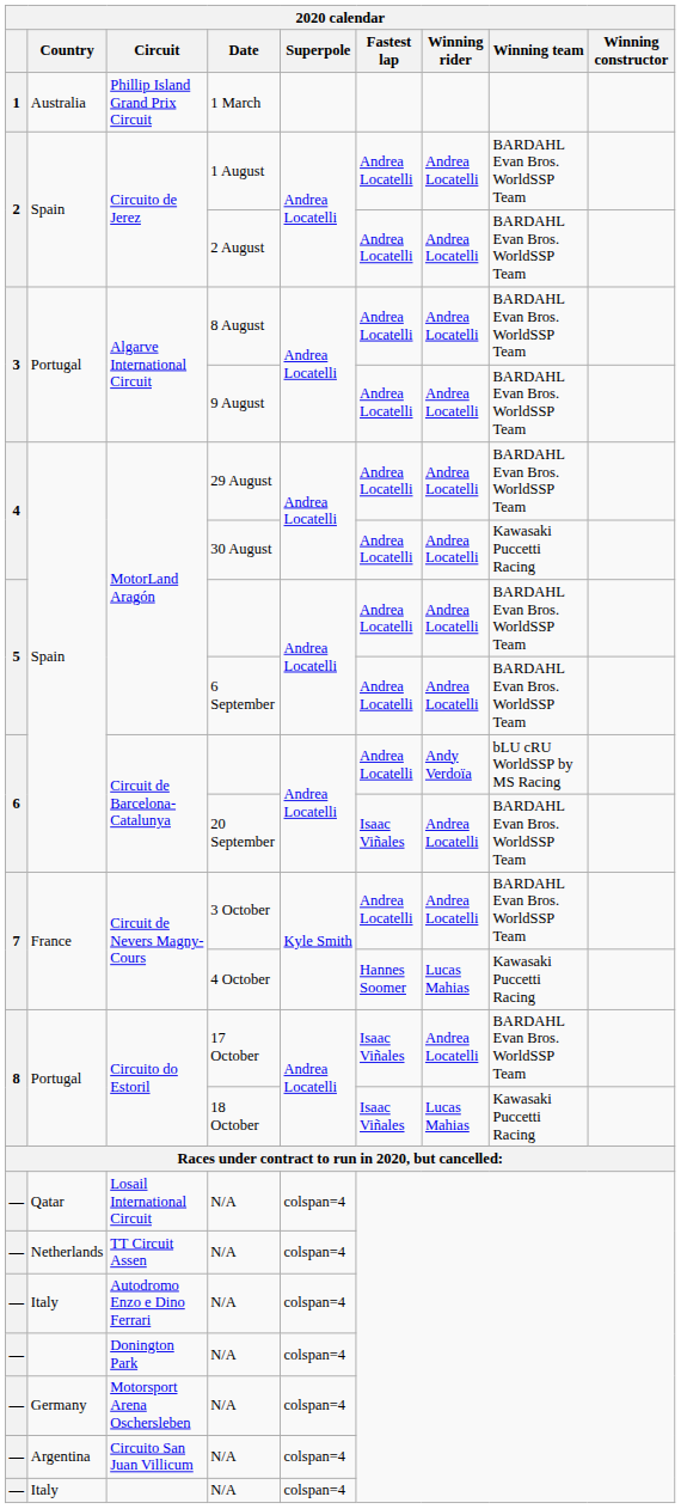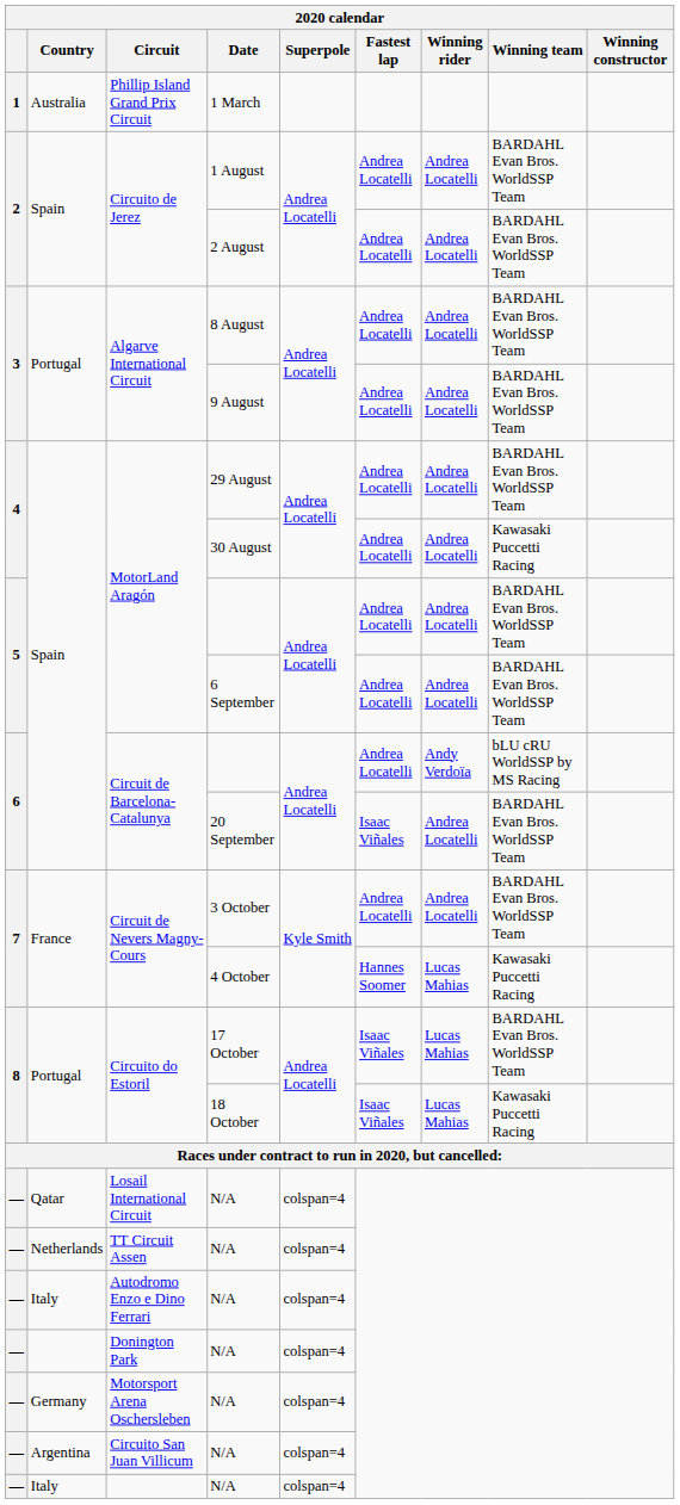 <table class="wikitable" style="font-size: 85%;">
 <tr>
 <th colspan=9>2020 calendar</th>
 </tr>
 <tr>
 <th></th>
 <th>Country</th>
 <th>Circuit</th>
 <th>Date</th>
 <th>Superpole</th>
 <th>Fastest lap</th>
 <th>Winning rider</th>
 <th>Winning team</th>
 <th>Winning constructor</th>
 </tr>
 <tr>
 <th>1</th>
 <td> Australia</td>
 <td><a href='#'>Phillip Island Grand Prix Circuit</a></td>
 <td>1 March</td>
 <td></td>
 <td></td>
 <td></td>
 <td></td>
 <td></td>
 </tr>
 <tr>
 <th rowspan=2>2</th>
 <td rowspan=2> Spain</td>
 <td rowspan=2><a href='#'>Circuito de Jerez</a></td>
 <td>1 August</td>
 <td rowspan=2> <a href='#'>Andrea Locatelli</a></td>
 <td> <a href='#'>Andrea Locatelli</a></td>
 <td> <a href='#'>Andrea Locatelli</a></td>
 <td>BARDAHL Evan Bros. WorldSSP Team</td>
 <td></td>
 </tr>
 <tr>
 <td>2 August</td>
 <td> <a href='#'>Andrea Locatelli</a></td>
 <td> <a href='#'>Andrea Locatelli</a></td>
 <td>BARDAHL Evan Bros. WorldSSP Team</td>
 <td></td>
 </tr>
 <tr>
 <th rowspan=2>3</th>
 <td rowspan=2> Portugal</td>
 <td rowspan=2><a href='#'>Algarve International Circuit</a></td>
 <td>8 August</td>
 <td rowspan=2> <a href='#'>Andrea Locatelli</a></td>
 <td> <a href='#'>Andrea Locatelli</a></td>
 <td> <a href='#'>Andrea Locatelli</a></td>
 <td>BARDAHL Evan Bros. WorldSSP Team</td>
 <td></td>
 </tr>
 <tr>
 <td>9 August</td>
 <td> <a href='#'>Andrea Locatelli</a></td>
 <td> <a href='#'>Andrea Locatelli</a></td>
 <td>BARDAHL Evan Bros. WorldSSP Team</td>
 <td></td>
 </tr>
 <tr>
 <th rowspan=2>4</th>
 <td rowspan=6> Spain</td>
 <td rowspan=4><a href='#'>MotorLand Aragón</a></td>
 <td>29 August</td>
 <td rowspan=2> <a href='#'>Andrea Locatelli</a></td>
 <td> <a href='#'>Andrea Locatelli</a></td>
 <td> <a href='#'>Andrea Locatelli</a></td>
 <td>BARDAHL Evan Bros. WorldSSP Team</td>
 <td></td>
 </tr>
 <tr>
 <td>30 August</td>
 <td> <a href='#'>Andrea Locatelli</a></td>
 <td> <a href='#'>Andrea Locatelli</a></td>
 <td>Kawasaki Puccetti Racing</td>
 <td></td>
 </tr>
 <tr>
 <th rowspan=2>5</th>
 <td></td>
 <td rowspan=2> <a href='#'>Andrea Locatelli</a></td>
 <td> <a href='#'>Andrea Locatelli</a></td>
 <td> <a href='#'>Andrea Locatelli</a></td>
 <td>BARDAHL Evan Bros. WorldSSP Team</td>
 <td></td>
 </tr>
 <tr>
 <td>6 September</td>
 <td> <a href='#'>Andrea Locatelli</a></td>
 <td> <a href='#'>Andrea Locatelli</a></td>
 <td>BARDAHL Evan Bros. WorldSSP Team</td>
 <td></td>
 </tr>
 <tr>
 <th rowspan=2>6</th>
 <td rowspan=2><a href='#'>Circuit de Barcelona-Catalunya</a></td>
 <td></td>
 <td rowspan=2> <a href='#'>Andrea Locatelli</a></td>
 <td> <a href='#'>Andrea Locatelli</a></td>
 <td> <a href='#'>Andy Verdoïa</a></td>
 <td>bLU cRU WorldSSP by MS Racing</td>
 <td></td>
 </tr>
 <tr>
 <td>20 September</td>
 <td> <a href='#'>Isaac Viñales</a></td>
 <td> <a href='#'>Andrea Locatelli</a></td>
 <td>BARDAHL Evan Bros. WorldSSP Team</td>
 <td></td>
 </tr>
 <tr>
 <th rowspan=2>7</th>
 <td rowspan=2> France</td>
 <td rowspan=2><a href='#'>Circuit de Nevers Magny-Cours</a></td>
 <td>3 October</td>
 <td rowspan=2> <a href='#'>Kyle Smith</a></td>
 <td> <a href='#'>Andrea Locatelli</a></td>
 <td> <a href='#'>Andrea Locatelli</a></td>
 <td>BARDAHL Evan Bros. WorldSSP Team</td>
 <td></td>
 </tr>
 <tr>
 <td>4 October</td>
 <td> <a href='#'>Hannes Soomer</a></td>
 <td> <a href='#'>Lucas Mahias</a></td>
 <td>Kawasaki Puccetti Racing</td>
 <td></td>
 </tr>
 <tr>
 <th rowspan=2>8</th>
 <td rowspan=2> Portugal</td>
 <td rowspan=2><a href='#'>Circuito do Estoril</a></td>
 <td>17 October</td>
 <td rowspan=2> <a href='#'>Andrea Locatelli</a></td>
 <td> <a href='#'>Isaac Viñales</a></td>
-<td> <a href='#'>Andrea Locatelli</a></td>
+<td> <a href='#'>Lucas Mahias</a></td>
 <td>BARDAHL Evan Bros. WorldSSP Team</td>
 <td></td>
 </tr>
 <tr>
 <td>18 October</td>
 <td> <a href='#'>Isaac Viñales</a></td>
 <td> <a href='#'>Lucas Mahias</a></td>
 <td>Kawasaki Puccetti Racing</td>
 <td></td>
 </tr>
 <tr>
 <th colspan=9>Races under contract to run in 2020, but cancelled:</th>
 </tr>
 <tr>
 <th>—</th>
 <td> Qatar</td>
 <td><a href='#'>Losail International Circuit</a></td>
 <td>N/A</td>
 <td>colspan=4 </td>
 </tr>
 <tr>
 <th>—</th>
 <td> Netherlands</td>
 <td><a href='#'>TT Circuit Assen</a></td>
 <td>N/A</td>
 <td>colspan=4 </td>
 </tr>
 <tr>
 <th>—</th>
 <td> Italy</td>
 <td><a href='#'>Autodromo Enzo e Dino Ferrari</a></td>
 <td>N/A</td>
 <td>colspan=4 </td>
 </tr>
 <tr>
 <th>—</th>
 <td></td>
 <td><a href='#'>Donington Park</a></td>
 <td>N/A</td>
 <td>colspan=4 </td>
 </tr>
 <tr>
 <th>—</th>
 <td> Germany</td>
 <td><a href='#'>Motorsport Arena Oschersleben</a></td>
 <td>N/A</td>
 <td>colspan=4 </td>
 </tr>
 <tr>
 <th>—</th>
 <td> Argentina</td>
 <td><a href='#'>Circuito San Juan Villicum</a></td>
 <td>N/A</td>
 <td>colspan=4 </td>
 </tr>
 <tr>
 <th>—</th>
 <td> Italy</td>
 <td></td>
 <td>N/A</td>
 <td>colspan=4 </td>
 </tr>
 </table>
